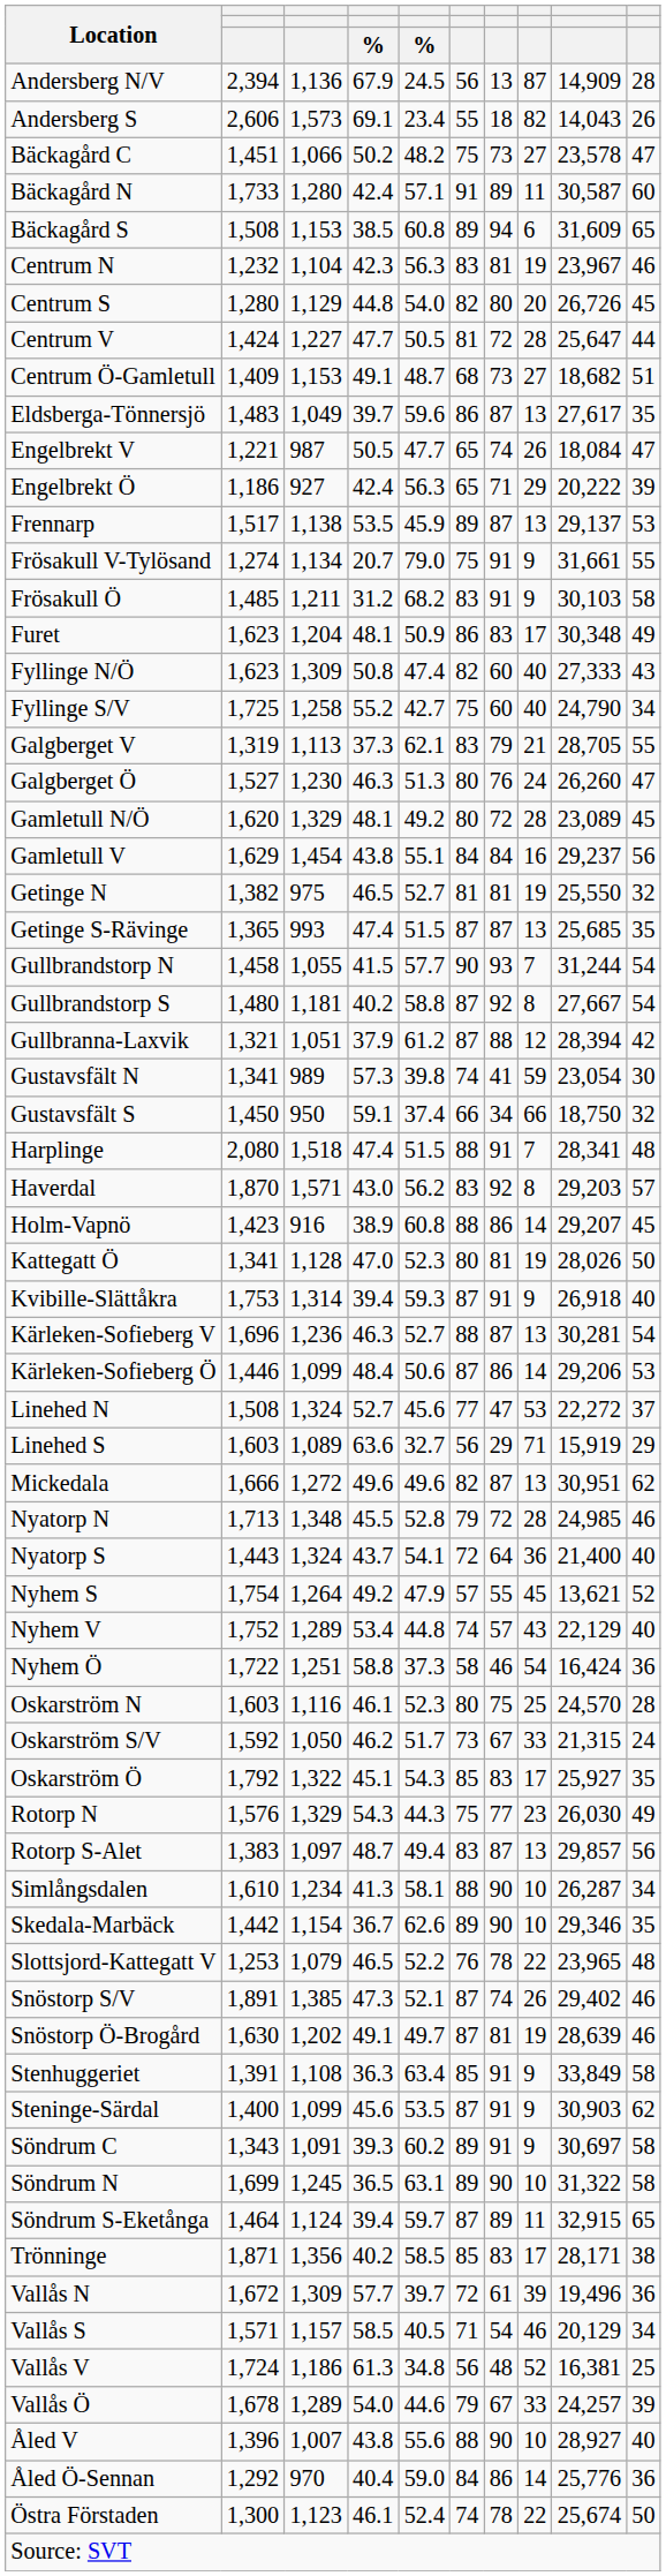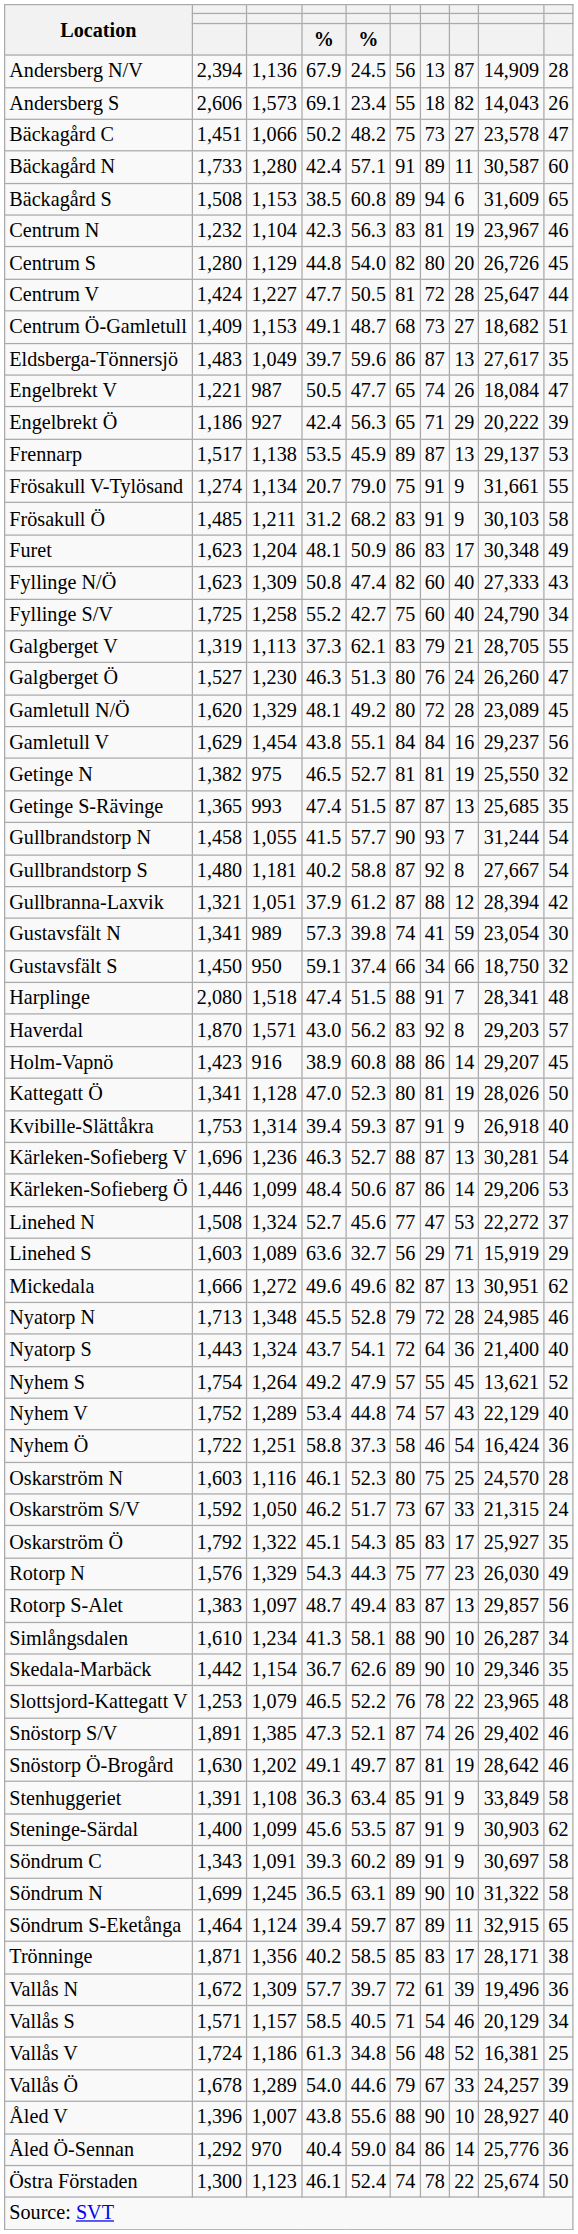 <table role="presentation" class="wikitable sortable mw-collapsible mw-collapsed">
 <tr>
 <th rowspan="3">Location</th>
 <th></th>
 <th></th>
 <th></th>
 <th></th>
 <th></th>
 <th></th>
 <th></th>
 <th></th>
 <th></th>
 </tr>
 <tr>
 <th></th>
 <th></th>
 <th style="background:"></th>
 <th style="background:"></th>
 <th></th>
 <th></th>
 <th></th>
 <th></th>
 <th></th>
 </tr>
 <tr>
 <th data-sort-type="number"></th>
 <th data-sort-type="number"></th>
 <th data-sort-type="number">%</th>
 <th data-sort-type="number">%</th>
 <th data-sort-type="number"></th>
 <th data-sort-type="number"></th>
 <th data-sort-type="number"></th>
 <th data-sort-type="number"></th>
 <th data-sort-type="number"></th>
 </tr>
 <tr>
 <td align="left">Andersberg N/V</td>
 <td>2,394</td>
 <td>1,136</td>
 <td>67.9</td>
 <td>24.5</td>
 <td>56</td>
 <td>13</td>
 <td>87</td>
 <td>14,909</td>
 <td>28</td>
 </tr>
 <tr>
 <td align="left">Andersberg S</td>
 <td>2,606</td>
 <td>1,573</td>
 <td>69.1</td>
 <td>23.4</td>
 <td>55</td>
 <td>18</td>
 <td>82</td>
 <td>14,043</td>
 <td>26</td>
 </tr>
 <tr>
 <td align="left">Bäckagård C</td>
 <td>1,451</td>
 <td>1,066</td>
 <td>50.2</td>
 <td>48.2</td>
 <td>75</td>
 <td>73</td>
 <td>27</td>
 <td>23,578</td>
 <td>47</td>
 </tr>
 <tr>
 <td align="left">Bäckagård N</td>
 <td>1,733</td>
 <td>1,280</td>
 <td>42.4</td>
 <td>57.1</td>
 <td>91</td>
 <td>89</td>
 <td>11</td>
 <td>30,587</td>
 <td>60</td>
 </tr>
 <tr>
 <td align="left">Bäckagård S</td>
 <td>1,508</td>
 <td>1,153</td>
 <td>38.5</td>
 <td>60.8</td>
 <td>89</td>
 <td>94</td>
 <td>6</td>
 <td>31,609</td>
 <td>65</td>
 </tr>
 <tr>
 <td align="left">Centrum N</td>
 <td>1,232</td>
 <td>1,104</td>
 <td>42.3</td>
 <td>56.3</td>
 <td>83</td>
 <td>81</td>
 <td>19</td>
 <td>23,967</td>
 <td>46</td>
 </tr>
 <tr>
 <td align="left">Centrum S</td>
 <td>1,280</td>
 <td>1,129</td>
 <td>44.8</td>
 <td>54.0</td>
 <td>82</td>
 <td>80</td>
 <td>20</td>
 <td>26,726</td>
 <td>45</td>
 </tr>
 <tr>
 <td align="left">Centrum V</td>
 <td>1,424</td>
 <td>1,227</td>
 <td>47.7</td>
 <td>50.5</td>
 <td>81</td>
 <td>72</td>
 <td>28</td>
 <td>25,647</td>
 <td>44</td>
 </tr>
 <tr>
 <td align="left">Centrum Ö-Gamletull</td>
 <td>1,409</td>
 <td>1,153</td>
 <td>49.1</td>
 <td>48.7</td>
 <td>68</td>
 <td>73</td>
 <td>27</td>
 <td>18,682</td>
 <td>51</td>
 </tr>
 <tr>
 <td align="left">Eldsberga-Tönnersjö</td>
 <td>1,483</td>
 <td>1,049</td>
 <td>39.7</td>
 <td>59.6</td>
 <td>86</td>
 <td>87</td>
 <td>13</td>
 <td>27,617</td>
 <td>35</td>
 </tr>
 <tr>
 <td align="left">Engelbrekt V</td>
 <td>1,221</td>
 <td>987</td>
 <td>50.5</td>
 <td>47.7</td>
 <td>65</td>
 <td>74</td>
 <td>26</td>
 <td>18,084</td>
 <td>47</td>
 </tr>
 <tr>
 <td align="left">Engelbrekt Ö</td>
 <td>1,186</td>
 <td>927</td>
 <td>42.4</td>
 <td>56.3</td>
 <td>65</td>
 <td>71</td>
 <td>29</td>
 <td>20,222</td>
 <td>39</td>
 </tr>
 <tr>
 <td align="left">Frennarp</td>
 <td>1,517</td>
 <td>1,138</td>
 <td>53.5</td>
 <td>45.9</td>
 <td>89</td>
 <td>87</td>
 <td>13</td>
 <td>29,137</td>
 <td>53</td>
 </tr>
 <tr>
 <td align="left">Frösakull V-Tylösand</td>
 <td>1,274</td>
 <td>1,134</td>
 <td>20.7</td>
 <td>79.0</td>
 <td>75</td>
 <td>91</td>
 <td>9</td>
 <td>31,661</td>
 <td>55</td>
 </tr>
 <tr>
 <td align="left">Frösakull Ö</td>
 <td>1,485</td>
 <td>1,211</td>
 <td>31.2</td>
 <td>68.2</td>
 <td>83</td>
 <td>91</td>
 <td>9</td>
 <td>30,103</td>
 <td>58</td>
 </tr>
 <tr>
 <td align="left">Furet</td>
 <td>1,623</td>
 <td>1,204</td>
 <td>48.1</td>
 <td>50.9</td>
 <td>86</td>
 <td>83</td>
 <td>17</td>
 <td>30,348</td>
 <td>49</td>
 </tr>
 <tr>
 <td align="left">Fyllinge N/Ö</td>
 <td>1,623</td>
 <td>1,309</td>
 <td>50.8</td>
 <td>47.4</td>
 <td>82</td>
 <td>60</td>
 <td>40</td>
 <td>27,333</td>
 <td>43</td>
 </tr>
 <tr>
 <td align="left">Fyllinge S/V</td>
 <td>1,725</td>
 <td>1,258</td>
 <td>55.2</td>
 <td>42.7</td>
 <td>75</td>
 <td>60</td>
 <td>40</td>
 <td>24,790</td>
 <td>34</td>
 </tr>
 <tr>
 <td align="left">Galgberget V</td>
 <td>1,319</td>
 <td>1,113</td>
 <td>37.3</td>
 <td>62.1</td>
 <td>83</td>
 <td>79</td>
 <td>21</td>
 <td>28,705</td>
 <td>55</td>
 </tr>
 <tr>
 <td align="left">Galgberget Ö</td>
 <td>1,527</td>
 <td>1,230</td>
 <td>46.3</td>
 <td>51.3</td>
 <td>80</td>
 <td>76</td>
 <td>24</td>
 <td>26,260</td>
 <td>47</td>
 </tr>
 <tr>
 <td align="left">Gamletull N/Ö</td>
 <td>1,620</td>
 <td>1,329</td>
 <td>48.1</td>
 <td>49.2</td>
 <td>80</td>
 <td>72</td>
 <td>28</td>
 <td>23,089</td>
 <td>45</td>
 </tr>
 <tr>
 <td align="left">Gamletull V</td>
 <td>1,629</td>
 <td>1,454</td>
 <td>43.8</td>
 <td>55.1</td>
 <td>84</td>
 <td>84</td>
 <td>16</td>
 <td>29,237</td>
 <td>56</td>
 </tr>
 <tr>
 <td align="left">Getinge N</td>
 <td>1,382</td>
 <td>975</td>
 <td>46.5</td>
 <td>52.7</td>
 <td>81</td>
 <td>81</td>
 <td>19</td>
 <td>25,550</td>
 <td>32</td>
 </tr>
 <tr>
 <td align="left">Getinge S-Rävinge</td>
 <td>1,365</td>
 <td>993</td>
 <td>47.4</td>
 <td>51.5</td>
 <td>87</td>
 <td>87</td>
 <td>13</td>
 <td>25,685</td>
 <td>35</td>
 </tr>
 <tr>
 <td align="left">Gullbrandstorp N</td>
 <td>1,458</td>
 <td>1,055</td>
 <td>41.5</td>
 <td>57.7</td>
 <td>90</td>
 <td>93</td>
 <td>7</td>
 <td>31,244</td>
 <td>54</td>
 </tr>
 <tr>
 <td align="left">Gullbrandstorp S</td>
 <td>1,480</td>
 <td>1,181</td>
 <td>40.2</td>
 <td>58.8</td>
 <td>87</td>
 <td>92</td>
 <td>8</td>
 <td>27,667</td>
 <td>54</td>
 </tr>
 <tr>
 <td align="left">Gullbranna-Laxvik</td>
 <td>1,321</td>
 <td>1,051</td>
 <td>37.9</td>
 <td>61.2</td>
 <td>87</td>
 <td>88</td>
 <td>12</td>
 <td>28,394</td>
 <td>42</td>
 </tr>
 <tr>
 <td align="left">Gustavsfält N</td>
 <td>1,341</td>
 <td>989</td>
 <td>57.3</td>
 <td>39.8</td>
 <td>74</td>
 <td>41</td>
 <td>59</td>
 <td>23,054</td>
 <td>30</td>
 </tr>
 <tr>
 <td align="left">Gustavsfält S</td>
 <td>1,450</td>
 <td>950</td>
 <td>59.1</td>
 <td>37.4</td>
 <td>66</td>
 <td>34</td>
 <td>66</td>
 <td>18,750</td>
 <td>32</td>
 </tr>
 <tr>
 <td align="left">Harplinge</td>
 <td>2,080</td>
 <td>1,518</td>
 <td>47.4</td>
 <td>51.5</td>
 <td>88</td>
 <td>91</td>
 <td>7</td>
 <td>28,341</td>
 <td>48</td>
 </tr>
 <tr>
 <td align="left">Haverdal</td>
 <td>1,870</td>
 <td>1,571</td>
 <td>43.0</td>
 <td>56.2</td>
 <td>83</td>
 <td>92</td>
 <td>8</td>
 <td>29,203</td>
 <td>57</td>
 </tr>
 <tr>
 <td align="left">Holm-Vapnö</td>
 <td>1,423</td>
 <td>916</td>
 <td>38.9</td>
 <td>60.8</td>
 <td>88</td>
 <td>86</td>
 <td>14</td>
 <td>29,207</td>
 <td>45</td>
 </tr>
 <tr>
 <td align="left">Kattegatt Ö</td>
 <td>1,341</td>
 <td>1,128</td>
 <td>47.0</td>
 <td>52.3</td>
 <td>80</td>
 <td>81</td>
 <td>19</td>
 <td>28,026</td>
 <td>50</td>
 </tr>
 <tr>
 <td align="left">Kvibille-Slättåkra</td>
 <td>1,753</td>
 <td>1,314</td>
 <td>39.4</td>
 <td>59.3</td>
 <td>87</td>
 <td>91</td>
 <td>9</td>
 <td>26,918</td>
 <td>40</td>
 </tr>
 <tr>
 <td align="left">Kärleken-Sofieberg V</td>
 <td>1,696</td>
 <td>1,236</td>
 <td>46.3</td>
 <td>52.7</td>
 <td>88</td>
 <td>87</td>
 <td>13</td>
 <td>30,281</td>
 <td>54</td>
 </tr>
 <tr>
 <td align="left">Kärleken-Sofieberg Ö</td>
 <td>1,446</td>
 <td>1,099</td>
 <td>48.4</td>
 <td>50.6</td>
 <td>87</td>
 <td>86</td>
 <td>14</td>
 <td>29,206</td>
 <td>53</td>
 </tr>
 <tr>
 <td align="left">Linehed N</td>
 <td>1,508</td>
 <td>1,324</td>
 <td>52.7</td>
 <td>45.6</td>
 <td>77</td>
 <td>47</td>
 <td>53</td>
 <td>22,272</td>
 <td>37</td>
 </tr>
 <tr>
 <td align="left">Linehed S</td>
 <td>1,603</td>
 <td>1,089</td>
 <td>63.6</td>
 <td>32.7</td>
 <td>56</td>
 <td>29</td>
 <td>71</td>
 <td>15,919</td>
 <td>29</td>
 </tr>
 <tr>
 <td align="left">Mickedala</td>
 <td>1,666</td>
 <td>1,272</td>
 <td>49.6</td>
 <td>49.6</td>
 <td>82</td>
 <td>87</td>
 <td>13</td>
 <td>30,951</td>
 <td>62</td>
 </tr>
 <tr>
 <td align="left">Nyatorp N</td>
 <td>1,713</td>
 <td>1,348</td>
 <td>45.5</td>
 <td>52.8</td>
 <td>79</td>
 <td>72</td>
 <td>28</td>
 <td>24,985</td>
 <td>46</td>
 </tr>
 <tr>
 <td align="left">Nyatorp S</td>
 <td>1,443</td>
 <td>1,324</td>
 <td>43.7</td>
 <td>54.1</td>
 <td>72</td>
 <td>64</td>
 <td>36</td>
 <td>21,400</td>
 <td>40</td>
 </tr>
 <tr>
 <td align="left">Nyhem S</td>
 <td>1,754</td>
 <td>1,264</td>
 <td>49.2</td>
 <td>47.9</td>
 <td>57</td>
 <td>55</td>
 <td>45</td>
 <td>13,621</td>
 <td>52</td>
 </tr>
 <tr>
 <td align="left">Nyhem V</td>
 <td>1,752</td>
 <td>1,289</td>
 <td>53.4</td>
 <td>44.8</td>
 <td>74</td>
 <td>57</td>
 <td>43</td>
 <td>22,129</td>
 <td>40</td>
 </tr>
 <tr>
 <td align="left">Nyhem Ö</td>
 <td>1,722</td>
 <td>1,251</td>
 <td>58.8</td>
 <td>37.3</td>
 <td>58</td>
 <td>46</td>
 <td>54</td>
 <td>16,424</td>
 <td>36</td>
 </tr>
 <tr>
 <td align="left">Oskarström N</td>
 <td>1,603</td>
 <td>1,116</td>
 <td>46.1</td>
 <td>52.3</td>
 <td>80</td>
 <td>75</td>
 <td>25</td>
 <td>24,570</td>
 <td>28</td>
 </tr>
 <tr>
 <td align="left">Oskarström S/V</td>
 <td>1,592</td>
 <td>1,050</td>
 <td>46.2</td>
 <td>51.7</td>
 <td>73</td>
 <td>67</td>
 <td>33</td>
 <td>21,315</td>
 <td>24</td>
 </tr>
 <tr>
 <td align="left">Oskarström Ö</td>
 <td>1,792</td>
 <td>1,322</td>
 <td>45.1</td>
 <td>54.3</td>
 <td>85</td>
 <td>83</td>
 <td>17</td>
 <td>25,927</td>
 <td>35</td>
 </tr>
 <tr>
 <td align="left">Rotorp N</td>
 <td>1,576</td>
 <td>1,329</td>
 <td>54.3</td>
 <td>44.3</td>
 <td>75</td>
 <td>77</td>
 <td>23</td>
 <td>26,030</td>
 <td>49</td>
 </tr>
 <tr>
 <td align="left">Rotorp S-Alet</td>
 <td>1,383</td>
 <td>1,097</td>
 <td>48.7</td>
 <td>49.4</td>
 <td>83</td>
 <td>87</td>
 <td>13</td>
 <td>29,857</td>
 <td>56</td>
 </tr>
 <tr>
 <td align="left">Simlångsdalen</td>
 <td>1,610</td>
 <td>1,234</td>
 <td>41.3</td>
 <td>58.1</td>
 <td>88</td>
 <td>90</td>
 <td>10</td>
 <td>26,287</td>
 <td>34</td>
 </tr>
 <tr>
 <td align="left">Skedala-Marbäck</td>
 <td>1,442</td>
 <td>1,154</td>
 <td>36.7</td>
 <td>62.6</td>
 <td>89</td>
 <td>90</td>
 <td>10</td>
 <td>29,346</td>
 <td>35</td>
 </tr>
 <tr>
 <td align="left">Slottsjord-Kattegatt V</td>
 <td>1,253</td>
 <td>1,079</td>
 <td>46.5</td>
 <td>52.2</td>
 <td>76</td>
 <td>78</td>
 <td>22</td>
 <td>23,965</td>
 <td>48</td>
 </tr>
 <tr>
 <td align="left">Snöstorp S/V</td>
 <td>1,891</td>
 <td>1,385</td>
 <td>47.3</td>
 <td>52.1</td>
 <td>87</td>
 <td>74</td>
 <td>26</td>
 <td>29,402</td>
 <td>46</td>
 </tr>
 <tr>
 <td align="left">Snöstorp Ö-Brogård</td>
 <td>1,630</td>
 <td>1,202</td>
 <td>49.1</td>
 <td>49.7</td>
 <td>87</td>
 <td>81</td>
 <td>19</td>
-<td>28,639</td>
+<td>28,642</td>
 <td>46</td>
 </tr>
 <tr>
 <td align="left">Stenhuggeriet</td>
 <td>1,391</td>
 <td>1,108</td>
 <td>36.3</td>
 <td>63.4</td>
 <td>85</td>
 <td>91</td>
 <td>9</td>
 <td>33,849</td>
 <td>58</td>
 </tr>
 <tr>
 <td align="left">Steninge-Särdal</td>
 <td>1,400</td>
 <td>1,099</td>
 <td>45.6</td>
 <td>53.5</td>
 <td>87</td>
 <td>91</td>
 <td>9</td>
 <td>30,903</td>
 <td>62</td>
 </tr>
 <tr>
 <td align="left">Söndrum C</td>
 <td>1,343</td>
 <td>1,091</td>
 <td>39.3</td>
 <td>60.2</td>
 <td>89</td>
 <td>91</td>
 <td>9</td>
 <td>30,697</td>
 <td>58</td>
 </tr>
 <tr>
 <td align="left">Söndrum N</td>
 <td>1,699</td>
 <td>1,245</td>
 <td>36.5</td>
 <td>63.1</td>
 <td>89</td>
 <td>90</td>
 <td>10</td>
 <td>31,322</td>
 <td>58</td>
 </tr>
 <tr>
 <td align="left">Söndrum S-Eketånga</td>
 <td>1,464</td>
 <td>1,124</td>
 <td>39.4</td>
 <td>59.7</td>
 <td>87</td>
 <td>89</td>
 <td>11</td>
 <td>32,915</td>
 <td>65</td>
 </tr>
 <tr>
 <td align="left">Trönninge</td>
 <td>1,871</td>
 <td>1,356</td>
 <td>40.2</td>
 <td>58.5</td>
 <td>85</td>
 <td>83</td>
 <td>17</td>
 <td>28,171</td>
 <td>38</td>
 </tr>
 <tr>
 <td align="left">Vallås N</td>
 <td>1,672</td>
 <td>1,309</td>
 <td>57.7</td>
 <td>39.7</td>
 <td>72</td>
 <td>61</td>
 <td>39</td>
 <td>19,496</td>
 <td>36</td>
 </tr>
 <tr>
 <td align="left">Vallås S</td>
 <td>1,571</td>
 <td>1,157</td>
 <td>58.5</td>
 <td>40.5</td>
 <td>71</td>
 <td>54</td>
 <td>46</td>
 <td>20,129</td>
 <td>34</td>
 </tr>
 <tr>
 <td align="left">Vallås V</td>
 <td>1,724</td>
 <td>1,186</td>
 <td>61.3</td>
 <td>34.8</td>
 <td>56</td>
 <td>48</td>
 <td>52</td>
 <td>16,381</td>
 <td>25</td>
 </tr>
 <tr>
 <td align="left">Vallås Ö</td>
 <td>1,678</td>
 <td>1,289</td>
 <td>54.0</td>
 <td>44.6</td>
 <td>79</td>
 <td>67</td>
 <td>33</td>
 <td>24,257</td>
 <td>39</td>
 </tr>
 <tr>
 <td align="left">Åled V</td>
 <td>1,396</td>
 <td>1,007</td>
 <td>43.8</td>
 <td>55.6</td>
 <td>88</td>
 <td>90</td>
 <td>10</td>
 <td>28,927</td>
 <td>40</td>
 </tr>
 <tr>
 <td align="left">Åled Ö-Sennan</td>
 <td>1,292</td>
 <td>970</td>
 <td>40.4</td>
 <td>59.0</td>
 <td>84</td>
 <td>86</td>
 <td>14</td>
 <td>25,776</td>
 <td>36</td>
 </tr>
 <tr>
 <td align="left">Östra Förstaden</td>
 <td>1,300</td>
 <td>1,123</td>
 <td>46.1</td>
 <td>52.4</td>
 <td>74</td>
 <td>78</td>
 <td>22</td>
 <td>25,674</td>
 <td>50</td>
 </tr>
 <tr>
 <td colspan="10" align="left">Source: <a href='#'>SVT</a></td>
 </tr>
 </table>
